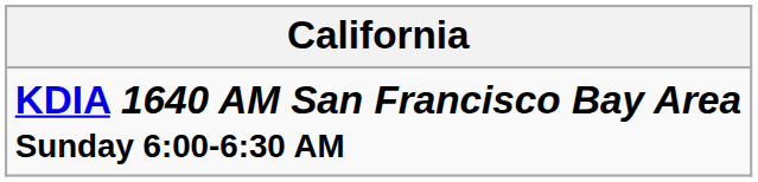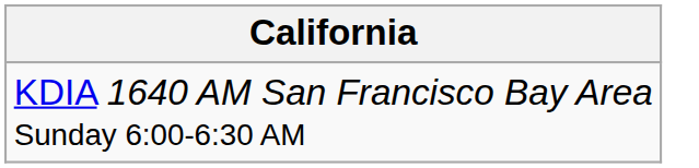 <table class="wikitable">
 <tr>
 <th>California</th>
 </tr>
 <tr>
-<td><strong><a href='#'>KDIA</a> <em>1640 AM San Francisco Bay Area</em><br><small>Sunday 6:00-6:30 AM</small></strong></td>
+<td><a href='#'>KDIA</a> <em>1640 AM San Francisco Bay Area</em><br><small>Sunday 6:00-6:30 AM</small></td>
 </tr>
 </table>
